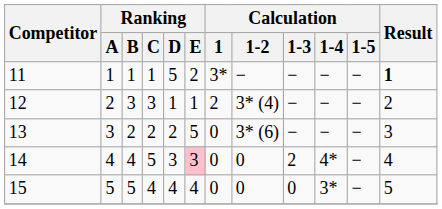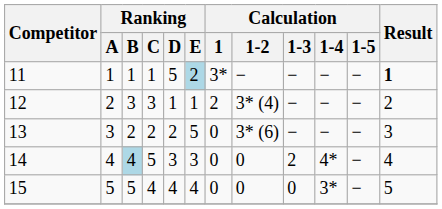 <table class="wikitable">
 <tr>
 <th rowspan="2">Competitor</th>
 <th colspan="5">Ranking</th>
 <th colspan="5">Calculation</th>
 <th rowspan="2">Result</th>
 </tr>
 <tr>
 <th>A</th>
 <th>B</th>
 <th>C</th>
 <th>D</th>
 <th>E</th>
 <th>1</th>
 <th>1-2</th>
 <th>1-3</th>
 <th>1-4</th>
 <th>1-5</th>
 </tr>
 <tr>
 <td>11</td>
 <td>1</td>
 <td>1</td>
 <td>1</td>
 <td>5</td>
-<td>2</td>
+<td style="background: lightblue;">2</td>
 <td>3*</td>
 <td>−</td>
 <td>−</td>
 <td>−</td>
 <td>−</td>
 <td><strong>1</strong></td>
 </tr>
 <tr>
 <td>12</td>
 <td>2</td>
 <td>3</td>
 <td>3</td>
 <td>1</td>
 <td>1</td>
 <td>2</td>
 <td>3* (4)</td>
 <td>−</td>
 <td>−</td>
 <td>−</td>
 <td>2</td>
 </tr>
 <tr>
 <td>13</td>
 <td>3</td>
 <td>2</td>
 <td>2</td>
 <td>2</td>
 <td>5</td>
 <td>0</td>
 <td>3* (6)</td>
 <td>−</td>
 <td>−</td>
 <td>−</td>
 <td>3</td>
 </tr>
 <tr>
 <td>14</td>
 <td>4</td>
-<td>4</td>
+<td style="background: lightblue;">4</td>
 <td>5</td>
 <td>3</td>
-<td style="background: pink;">3</td>
+<td>3</td>
 <td>0</td>
 <td>0</td>
 <td>2</td>
 <td>4*</td>
 <td>−</td>
 <td>4</td>
 </tr>
 <tr>
 <td>15</td>
 <td>5</td>
 <td>5</td>
 <td>4</td>
 <td>4</td>
 <td>4</td>
 <td>0</td>
 <td>0</td>
 <td>0</td>
 <td>3*</td>
 <td>−</td>
 <td>5</td>
 </tr>
 <tr>
 </tr>
 </table>
